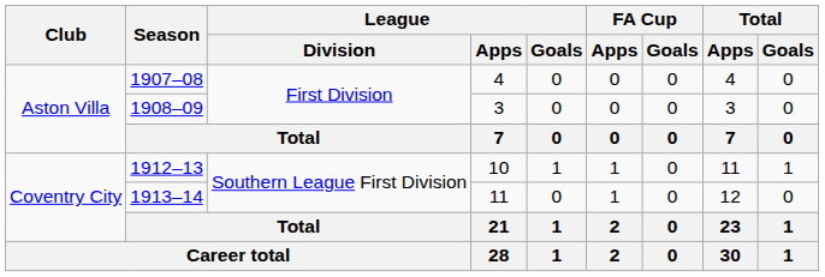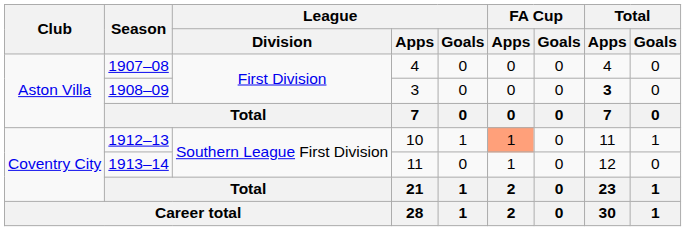 <table class="wikitable" style="text-align: center;">
 <tr>
 <th rowspan="2">Club</th>
 <th rowspan="2">Season</th>
 <th colspan="3">League</th>
 <th colspan="2">FA Cup</th>
 <th colspan="2">Total</th>
 </tr>
 <tr>
 <th>Division</th>
 <th>Apps</th>
 <th>Goals</th>
 <th>Apps</th>
 <th>Goals</th>
 <th>Apps</th>
 <th>Goals</th>
 </tr>
 <tr>
 <td rowspan="3"><a href='#'>Aston Villa</a></td>
 <td><a href='#'>1907–08</a></td>
 <td rowspan="2"><a href='#'>First Division</a></td>
 <td>4</td>
 <td>0</td>
 <td>0</td>
 <td>0</td>
 <td>4</td>
 <td>0</td>
 </tr>
 <tr>
 <td><a href='#'>1908–09</a></td>
 <td>3</td>
 <td>0</td>
 <td>0</td>
 <td>0</td>
-<td>3</td>
+<td><strong>3</strong></td>
 <td>0</td>
 </tr>
 <tr>
 <th colspan="2">Total</th>
 <th>7</th>
 <th>0</th>
 <th>0</th>
 <th>0</th>
 <th>7</th>
 <th>0</th>
 </tr>
 <tr>
 <td rowspan="3"><a href='#'>Coventry City</a></td>
 <td><a href='#'>1912–13</a></td>
 <td rowspan="2"><a href='#'>Southern League</a> First Division</td>
 <td>10</td>
 <td>1</td>
-<td>1</td>
+<td style="background: lightsalmon;">1</td>
 <td>0</td>
 <td>11</td>
 <td>1</td>
 </tr>
 <tr>
 <td><a href='#'>1913–14</a></td>
 <td>11</td>
 <td>0</td>
 <td>1</td>
 <td>0</td>
 <td>12</td>
 <td>0</td>
 </tr>
 <tr>
 <th colspan="2">Total</th>
 <th>21</th>
 <th>1</th>
 <th>2</th>
 <th>0</th>
 <th>23</th>
 <th>1</th>
 </tr>
 <tr>
 <th colspan="3">Career total</th>
 <th>28</th>
 <th>1</th>
 <th>2</th>
 <th>0</th>
 <th>30</th>
 <th>1</th>
 </tr>
 </table>
